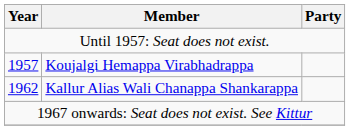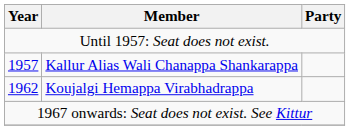 <table class="wikitable sortable">
 <tr>
 <th>Year</th>
 <th>Member</th>
 <th colspan="2">Party</th>
 </tr>
 <tr>
 <td colspan=4 align=center>Until 1957: <em>Seat does not exist.</em></td>
 </tr>
 <tr>
 <td><a href='#'>1957</a></td>
-<td><a href='#'>Koujalgi Hemappa Virabhadrappa</a></td>
+<td><a href='#'>Kallur Alias Wali Chanappa Shankarappa</a></td>
 <td></td>
 </tr>
 <tr>
 <td><a href='#'>1962</a></td>
-<td><a href='#'>Kallur Alias Wali Chanappa Shankarappa</a></td>
+<td><a href='#'>Koujalgi Hemappa Virabhadrappa</a></td>
 </tr>
 <tr>
 <td colspan=4 align=center>1967 onwards: <em>Seat does not exist. See <a href='#'>Kittur</a></em></td>
 </tr>
 <tr>
 </tr>
 </table>
